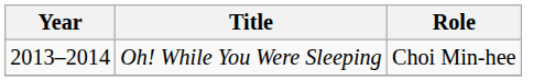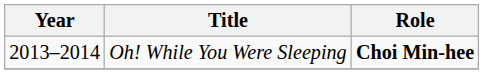 <table class="wikitable">
 <tr>
 <th>Year</th>
 <th>Title</th>
 <th>Role</th>
 </tr>
 <tr>
 <td>2013–2014</td>
 <td><em>Oh! While You Were Sleeping</em> </td>
-<td>Choi Min-hee</td>
+<td><strong>Choi Min-hee</strong></td>
 </tr>
 <tr>
 </tr>
 </table>
